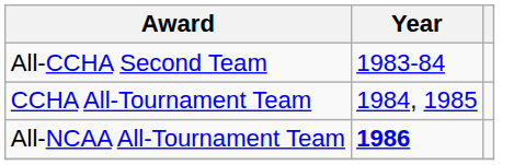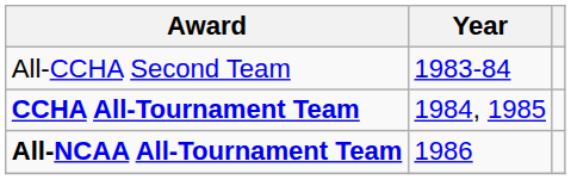 <table class="wikitable">
 <tr>
 <th>Award</th>
 <th>Year</th>
 <th></th>
 </tr>
 <tr>
 <td>All-<a href='#'>CCHA</a> <a href='#'>Second Team</a></td>
 <td><a href='#'>1983-84</a></td>
 <td></td>
 </tr>
 <tr>
-<td><a href='#'>CCHA</a> <a href='#'>All-Tournament Team</a></td>
+<td><strong><a href='#'>CCHA</a> <a href='#'>All-Tournament Team</a></strong></td>
 <td><a href='#'>1984</a>, <a href='#'>1985</a></td>
 <td></td>
 </tr>
 <tr>
-<td>All-<a href='#'>NCAA</a> <a href='#'>All-Tournament Team</a></td>
-<td><strong><a href='#'>1986</a></strong></td>
+<td><strong>All-<a href='#'>NCAA</a> <a href='#'>All-Tournament Team</a></strong></td>
+<td><a href='#'>1986</a></td>
 <td></td>
 </tr>
 <tr>
 </tr>
 </table>
